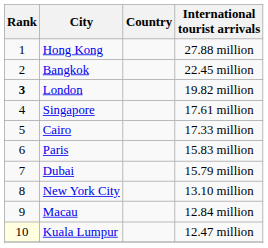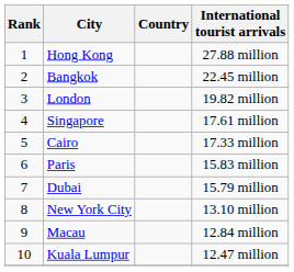 <table class="wikitable sortable" style="margin:1em auto 1em auto;">
 <tr>
 <th>Rank</th>
 <th>City</th>
 <th>Country</th>
 <th>International<br>tourist arrivals</th>
 </tr>
 <tr align="center">
 <td>1</td>
 <td align="left"><a href='#'>Hong Kong</a></td>
 <td align="left"></td>
 <td>27.88 million</td>
 </tr>
 <tr align="center">
 <td>2</td>
 <td align="left"><a href='#'>Bangkok</a></td>
 <td align="left"></td>
 <td>22.45 million</td>
 </tr>
 <tr align="center">
-<td><strong>3</strong></td>
+<td>3</td>
 <td align="left"><a href='#'>London</a></td>
 <td align="left"></td>
 <td>19.82 million</td>
 </tr>
 <tr align="center">
 <td>4</td>
 <td align="left"><a href='#'>Singapore</a></td>
 <td align="left"></td>
 <td>17.61 million</td>
 </tr>
 <tr align="center">
 <td>5</td>
 <td align="left"><a href='#'>Cairo</a></td>
 <td align="left"></td>
 <td>17.33 million</td>
 </tr>
 <tr align="center">
 <td>6</td>
 <td align="left"><a href='#'>Paris</a></td>
 <td align="left"></td>
 <td>15.83 million</td>
 </tr>
 <tr align="center">
 <td>7</td>
 <td align="left"><a href='#'>Dubai</a></td>
 <td align="left"></td>
 <td>15.79 million</td>
 </tr>
 <tr align="center">
 <td>8</td>
 <td align="left"><a href='#'>New York City</a></td>
 <td align="left"></td>
 <td>13.10 million</td>
 </tr>
 <tr align="center">
 <td>9</td>
 <td align="left"><a href='#'>Macau</a></td>
 <td align="left"></td>
 <td>12.84 million</td>
 </tr>
 <tr align="center">
-<td style="background: lightyellow;">10</td>
+<td>10</td>
 <td align="left"><a href='#'>Kuala Lumpur</a></td>
 <td align="left"></td>
 <td>12.47 million</td>
 </tr>
 <tr align="center">
 </tr>
 <tr>
 </tr>
 </table>
